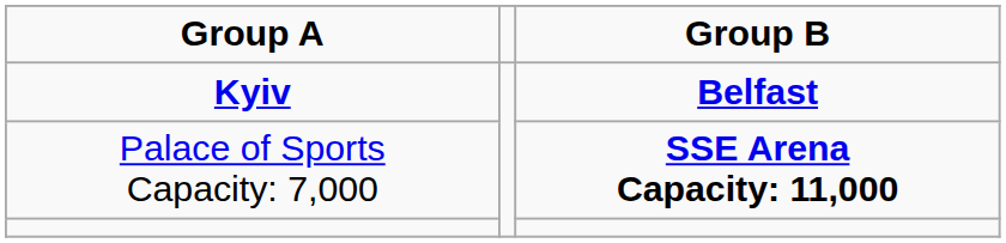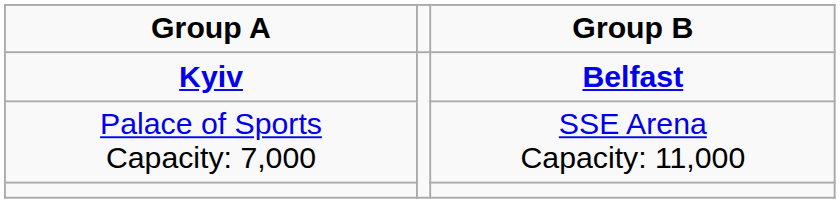 <table class="wikitable" style="text-align:center;" width=440px>
 <tr>
 <td><strong>Group A</strong></td>
 <td></td>
 <td><strong>Group B</strong></td>
 </tr>
 <tr>
 <td width=225px><strong><a href='#'>Kyiv</a></strong></td>
 <td rowspan="3"></td>
 <td width=220px><strong><a href='#'>Belfast</a></strong></td>
 </tr>
 <tr>
 <td><a href='#'>Palace of Sports</a><br>Capacity: 7,000</td>
-<td><strong><a href='#'>SSE Arena</a><br>Capacity: 11,000</strong></td>
+<td><a href='#'>SSE Arena</a><br>Capacity: 11,000</td>
 </tr>
 <tr>
 <td></td>
 <td></td>
 </tr>
 </table>
